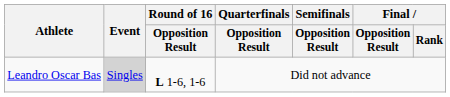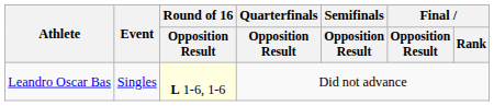 <table class="wikitable" style="font-size:90%;">
 <tr>
 <th rowspan=2>Athlete</th>
 <th rowspan=2>Event</th>
 <th>Round of 16</th>
 <th>Quarterfinals</th>
 <th>Semifinals</th>
 <th colspan=2>Final / </th>
 </tr>
 <tr style="font-size:95%">
 <th>Opposition<br>Result</th>
 <th>Opposition<br>Result</th>
 <th>Opposition<br>Result</th>
 <th>Opposition<br>Result</th>
 <th>Rank</th>
 </tr>
 <tr align=center>
 <td align=left><a href='#'>Leandro Oscar Bas</a></td>
-<td align=left style="background: lightgrey;"><a href='#'>Singles</a></td>
-<td><br><strong>L</strong> 1-6, 1-6</td>
+<td align=left><a href='#'>Singles</a></td>
+<td style="background: lightyellow;"><br><strong>L</strong> 1-6, 1-6</td>
 <td colspan=4>Did not advance</td>
 </tr>
 </table>
